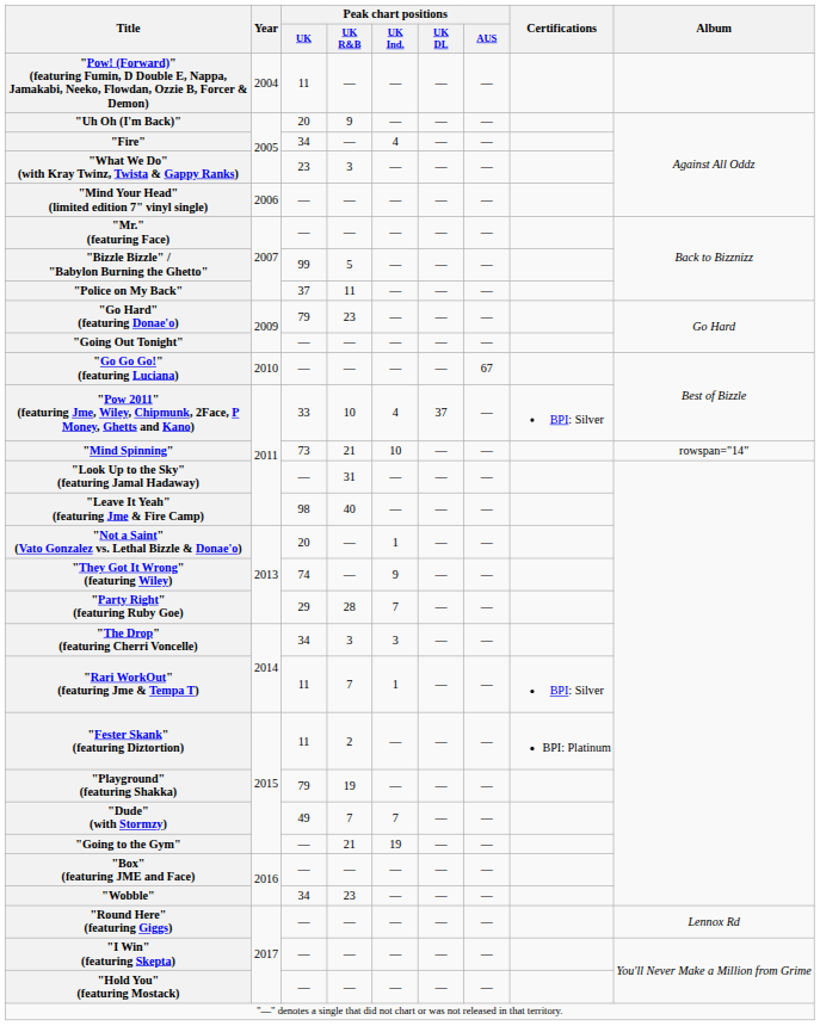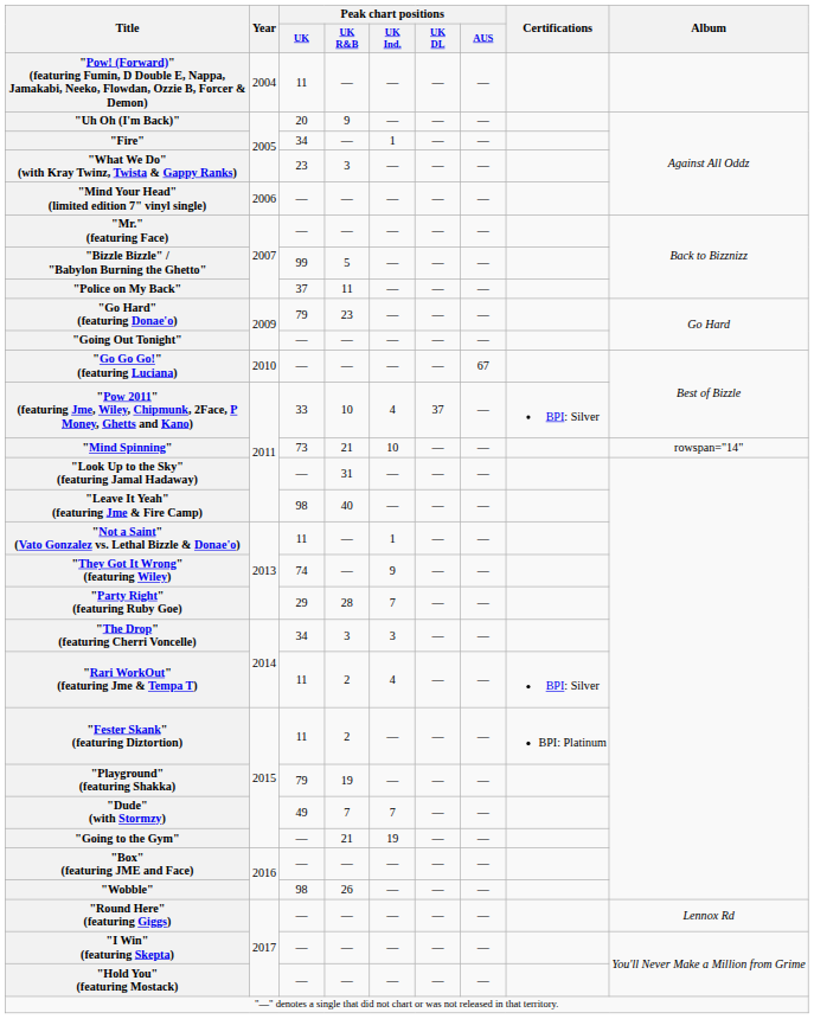 <table class="wikitable plainrowheaders" style="text-align:center;">
 <tr>
 <th scope="col" rowspan="2" style="width:20em;">Title</th>
 <th scope="col" rowspan="2" style="width:1em;">Year</th>
 <th scope="col" colspan="5">Peak chart positions</th>
 <th scope="col" rowspan="2">Certifications</th>
 <th scope="col" rowspan="2">Album</th>
 </tr>
 <tr>
 <th scope="col" style="width:4em;font-size:85%;"><a href='#'>UK</a></th>
 <th scope="col" style="width:4em;font-size:85%;"><a href='#'>UK<br>R&B</a></th>
 <th scope="col" style="width:4em;font-size:85%;"><a href='#'>UK<br>Ind.</a></th>
 <th scope="col" style="width:4em;font-size:85%;"><a href='#'>UK<br>DL</a></th>
 <th scope="col" style="width:4em;font-size:85%;"><a href='#'>AUS</a><br></th>
 </tr>
 <tr>
 <th scope="row">"<a href='#'>Pow! (Forward)</a>"<br><span>(featuring Fumin, D Double E, Nappa, Jamakabi, Neeko, Flowdan, Ozzie B, Forcer & Demon)</span></th>
 <td>2004</td>
 <td>11</td>
 <td>—</td>
 <td>—</td>
 <td>—</td>
 <td>—</td>
 <td></td>
 <td></td>
 </tr>
 <tr>
 <th scope="row">"Uh Oh (I'm Back)"</th>
 <td rowspan="3">2005</td>
 <td>20</td>
 <td>9</td>
 <td>—</td>
 <td>—</td>
 <td>—</td>
 <td></td>
 <td rowspan="4"><em>Against All Oddz</em></td>
 </tr>
 <tr>
 <th scope="row">"Fire"</th>
 <td>34</td>
 <td>—</td>
-<td>4</td>
+<td>1</td>
 <td>—</td>
 <td>—</td>
 <td></td>
 </tr>
 <tr>
 <th scope="row">"What We Do"<br><span>(with Kray Twinz, <a href='#'>Twista</a> & <a href='#'>Gappy Ranks</a>)</span></th>
 <td>23</td>
 <td>3</td>
 <td>—</td>
 <td>—</td>
 <td>—</td>
 <td></td>
 </tr>
 <tr>
 <th scope="row">"Mind Your Head"<br><span>(limited edition 7" vinyl single)</span></th>
 <td>2006</td>
 <td>—</td>
 <td>—</td>
 <td>—</td>
 <td>—</td>
 <td>—</td>
 <td></td>
 </tr>
 <tr>
 <th scope="row">"Mr."<br><span>(featuring Face)</span></th>
 <td rowspan="3">2007</td>
 <td>—</td>
 <td>—</td>
 <td>—</td>
 <td>—</td>
 <td>—</td>
 <td></td>
 <td rowspan="3"><em>Back to Bizznizz</em></td>
 </tr>
 <tr>
 <th scope="row">"Bizzle Bizzle" /<br>"Babylon Burning the Ghetto"</th>
 <td>99</td>
 <td>5</td>
 <td>—</td>
 <td>—</td>
 <td>—</td>
 <td></td>
 </tr>
 <tr>
 <th scope="row">"Police on My Back"</th>
 <td>37</td>
 <td>11</td>
 <td>—</td>
 <td>—</td>
 <td>—</td>
 <td></td>
 </tr>
 <tr>
 <th scope="row">"Go Hard"<br><span>(featuring <a href='#'>Donae'o</a>)</span></th>
 <td rowspan="2">2009</td>
 <td>79</td>
 <td>23</td>
 <td>—</td>
 <td>—</td>
 <td>—</td>
 <td></td>
 <td rowspan="2"><em>Go Hard</em></td>
 </tr>
 <tr>
 <th scope="row">"Going Out Tonight"</th>
 <td>—</td>
 <td>—</td>
 <td>—</td>
 <td>—</td>
 <td>—</td>
 <td></td>
 </tr>
 <tr>
 <th scope="row">"<a href='#'>Go Go Go!</a>"<br><span>(featuring <a href='#'>Luciana</a>)</span></th>
 <td>2010</td>
 <td>—</td>
 <td>—</td>
 <td>—</td>
 <td>—</td>
 <td>67</td>
 <td></td>
 <td rowspan="2"><em>Best of Bizzle</em></td>
 </tr>
 <tr>
 <th scope="row">"<a href='#'>Pow 2011</a>"<br><span>(featuring <a href='#'>Jme</a>, <a href='#'>Wiley</a>, <a href='#'>Chipmunk</a>, 2Face, <a href='#'>P Money</a>, <a href='#'>Ghetts</a> and <a href='#'>Kano</a>)</span></th>
 <td rowspan="4">2011</td>
 <td>33</td>
 <td>10</td>
 <td>4</td>
 <td>37</td>
 <td>—</td>
 <td><br><ul><li><a href='#'>BPI</a>: Silver</li></ul></td>
 </tr>
 <tr>
 <th scope="row">"<a href='#'>Mind Spinning</a>"</th>
 <td>73</td>
 <td>21</td>
 <td>10</td>
 <td>—</td>
 <td>—</td>
 <td></td>
 <td>rowspan="14" </td>
 </tr>
 <tr>
 <th scope="row">"Look Up to the Sky"<br><span>(featuring Jamal Hadaway)</span></th>
 <td>—</td>
 <td>31</td>
 <td>—</td>
 <td>—</td>
 <td>—</td>
 <td></td>
 </tr>
 <tr>
 <th scope="row">"Leave It Yeah"<br><span>(featuring <a href='#'>Jme</a> & Fire Camp)</span></th>
 <td>98</td>
 <td>40</td>
 <td>—</td>
 <td>—</td>
 <td>—</td>
 <td></td>
 </tr>
 <tr>
 <th scope="row">"<a href='#'>Not a Saint</a>"<br><span>(<a href='#'>Vato Gonzalez</a> vs. Lethal Bizzle & <a href='#'>Donae'o</a>)</span></th>
 <td rowspan="3">2013</td>
-<td>20</td>
+<td>11</td>
 <td>—</td>
 <td>1</td>
 <td>—</td>
 <td>—</td>
 <td></td>
 </tr>
 <tr>
 <th scope="row">"<a href='#'>They Got It Wrong</a>"<br><span>(featuring <a href='#'>Wiley</a>)</span></th>
 <td>74</td>
 <td>—</td>
 <td>9</td>
 <td>—</td>
 <td>—</td>
 <td></td>
 </tr>
 <tr>
 <th scope="row">"<a href='#'>Party Right</a>"<br><span>(featuring Ruby Goe)</span></th>
 <td>29</td>
 <td>28</td>
 <td>7</td>
 <td>—</td>
 <td>—</td>
 <td></td>
 </tr>
 <tr>
 <th scope="row">"<a href='#'>The Drop</a>"<br><span>(featuring Cherri Voncelle)</span></th>
 <td rowspan="2">2014</td>
 <td>34</td>
 <td>3</td>
 <td>3</td>
 <td>—</td>
 <td>—</td>
 <td></td>
 </tr>
 <tr>
 <th scope="row">"<a href='#'>Rari WorkOut</a>"<br><span>(featuring Jme & <a href='#'>Tempa T</a>)</span></th>
 <td>11</td>
-<td>7</td>
-<td>1</td>
+<td>2</td>
+<td>4</td>
 <td>—</td>
 <td>—</td>
 <td><br><ul><li><a href='#'>BPI</a>: Silver</li></ul></td>
 </tr>
 <tr>
 <th scope="row">"<a href='#'>Fester Skank</a>"<br><span>(featuring Diztortion)</span></th>
 <td rowspan="4">2015</td>
 <td>11</td>
 <td>2</td>
 <td>—</td>
 <td>—</td>
 <td>—</td>
 <td><br><ul><li>BPI: Platinum</li></ul></td>
 </tr>
 <tr>
 <th scope="row">"Playground"<br><span>(featuring Shakka)</span></th>
 <td>79</td>
 <td>19</td>
 <td>—</td>
 <td>—</td>
 <td>—</td>
 <td></td>
 </tr>
 <tr>
 <th scope="row">"Dude"<br><span>(with <a href='#'>Stormzy</a>)</span></th>
 <td>49</td>
 <td>7</td>
 <td>7</td>
 <td>—</td>
 <td>—</td>
 <td></td>
 </tr>
 <tr>
 <th scope="row">"Going to the Gym"</th>
 <td>—</td>
 <td>21</td>
 <td>19</td>
 <td>—</td>
 <td>—</td>
 <td></td>
 </tr>
 <tr>
 <th scope="row">"Box"<br><span>(featuring JME and Face)</span></th>
 <td rowspan="2">2016</td>
 <td>—</td>
 <td>—</td>
 <td>—</td>
 <td>—</td>
 <td>—</td>
 <td></td>
 </tr>
 <tr>
 <th scope="row">"Wobble"</th>
-<td>34</td>
-<td>23</td>
+<td>98</td>
+<td>26</td>
 <td>—</td>
 <td>—</td>
 <td>—</td>
 <td></td>
 </tr>
 <tr>
 <th scope="row">"Round Here"<br><span>(featuring <a href='#'>Giggs</a>)</span></th>
 <td rowspan="3">2017</td>
 <td>—</td>
 <td>—</td>
 <td>—</td>
 <td>—</td>
 <td>—</td>
 <td></td>
 <td><em>Lennox Rd</em></td>
 </tr>
 <tr>
 <th scope="row">"I Win"<br><span>(featuring <a href='#'>Skepta</a>)</span></th>
 <td>—</td>
 <td>—</td>
 <td>—</td>
 <td>—</td>
 <td>—</td>
 <td></td>
 <td rowspan="2"><em>You'll Never Make a Million from Grime</em></td>
 </tr>
 <tr>
 <th scope="row">"Hold You"<br><span>(featuring Mostack)</span></th>
 <td>—</td>
 <td>—</td>
 <td>—</td>
 <td>—</td>
 <td>—</td>
 <td></td>
 </tr>
 <tr>
 <td colspan="15" style="font-size:85%">"—" denotes a single that did not chart or was not released in that territory.</td>
 </tr>
 </table>
